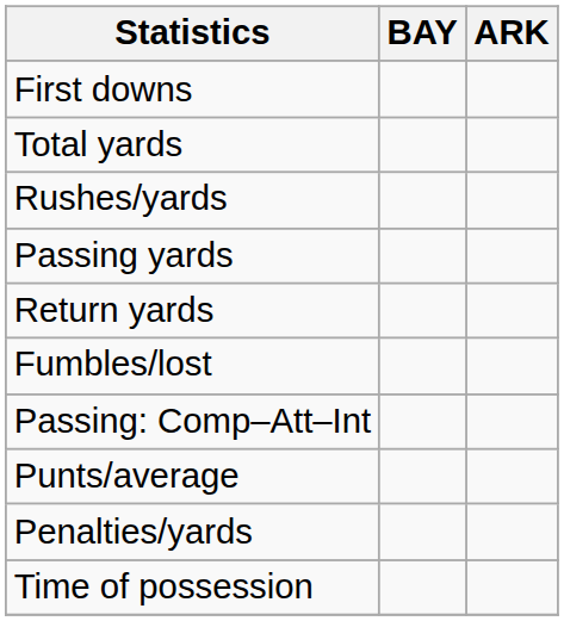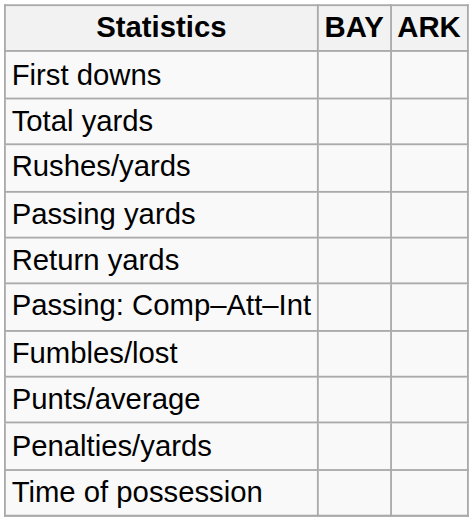 <table class="wikitable" style="float: left;">
 <tr>
 <th>Statistics</th>
 <th>BAY</th>
 <th>ARK</th>
 </tr>
 <tr>
 <td>First downs</td>
 <td></td>
 <td></td>
 </tr>
 <tr>
 <td>Total yards</td>
 <td></td>
 <td></td>
 </tr>
 <tr>
 <td>Rushes/yards</td>
 <td></td>
 <td></td>
 </tr>
 <tr>
 <td>Passing yards</td>
 <td></td>
 <td></td>
 </tr>
 <tr>
 <td>Return yards</td>
 <td></td>
 <td></td>
 </tr>
 <tr>
-<td>Fumbles/lost</td>
+<td>Passing: Comp–Att–Int</td>
 <td></td>
 <td></td>
 </tr>
 <tr>
-<td>Passing: Comp–Att–Int</td>
+<td>Fumbles/lost</td>
 <td></td>
 <td></td>
 </tr>
 <tr>
 <td>Punts/average</td>
 <td></td>
 <td></td>
 </tr>
 <tr>
 <td>Penalties/yards</td>
 <td></td>
 <td></td>
 </tr>
 <tr>
 <td>Time of possession</td>
 <td></td>
 <td></td>
 </tr>
 <tr>
 </tr>
 </table>
